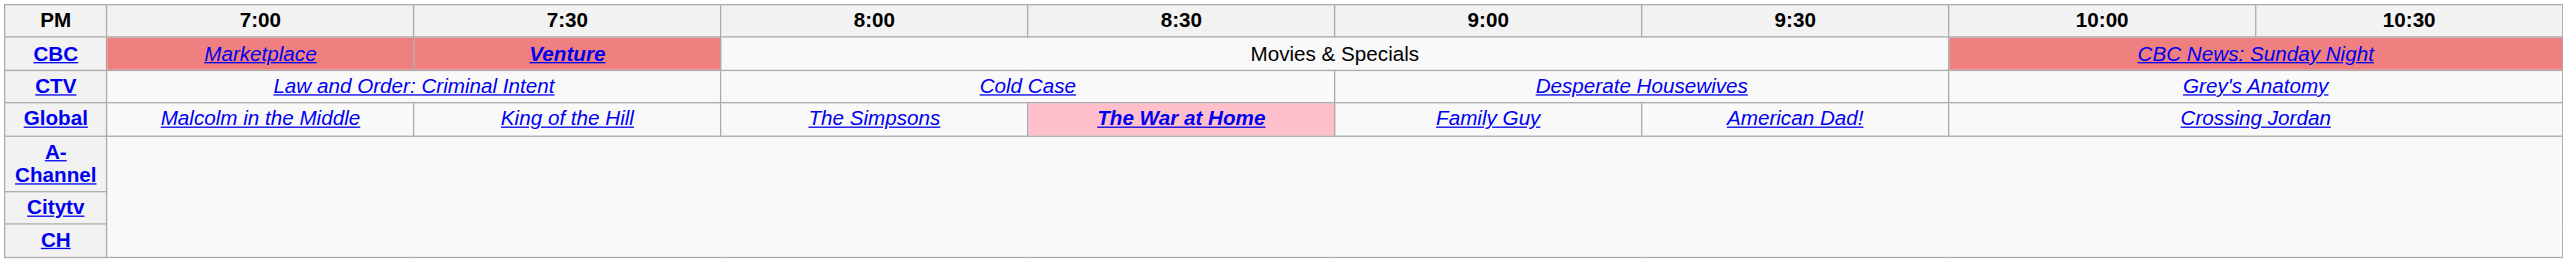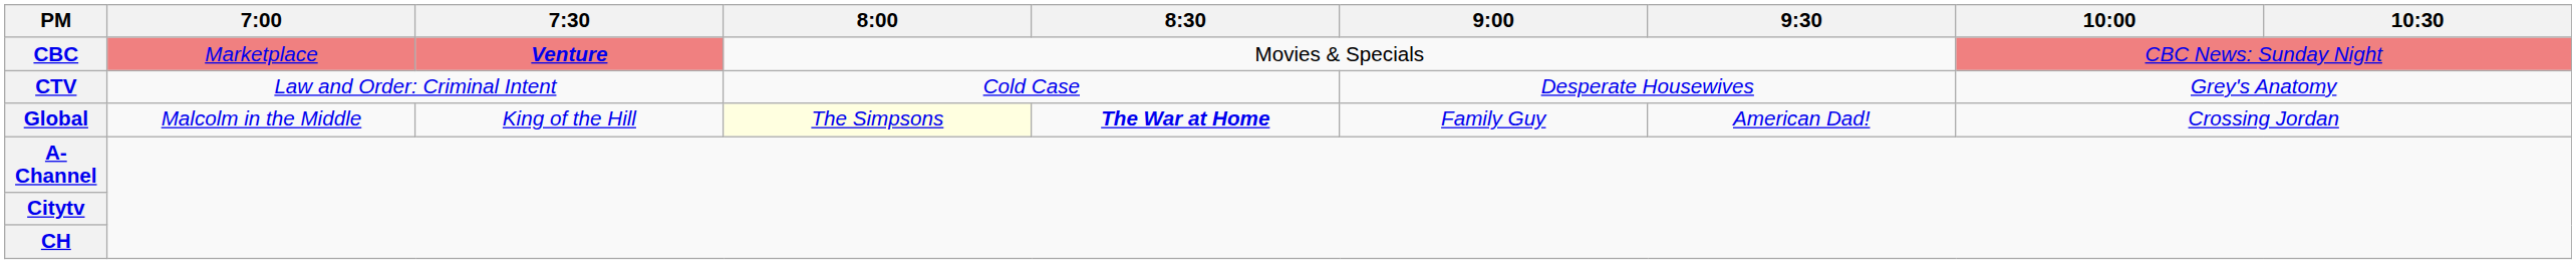 <table class="wikitable" width="100%">
 <tr>
 <th width="4%">PM</th>
 <th width="12%">7:00</th>
 <th width="12%">7:30</th>
 <th width="12%">8:00</th>
 <th width="12%">8:30</th>
 <th width="12%">9:00</th>
 <th width="12%">9:30</th>
 <th width="12%">10:00</th>
 <th width="12%">10:30</th>
 </tr>
 <tr align="center">
 <th><a href='#'>CBC</a></th>
 <td colspan="1" bgcolor="#F08080"><em><a href='#'>Marketplace</a></em></td>
 <td colspan="1" bgcolor="#F08080"><strong><em><a href='#'>Venture</a></em></strong></td>
 <td colspan="4">Movies & Specials</td>
 <td colspan="2" bgcolor="#F08080"><em><a href='#'>CBC News: Sunday Night</a></em></td>
 </tr>
 <tr align="center">
 <th><a href='#'>CTV</a></th>
 <td colspan="2"><em><a href='#'>Law and Order: Criminal Intent</a></em></td>
 <td colspan="2"><em><a href='#'>Cold Case</a></em></td>
 <td colspan="2"><em><a href='#'>Desperate Housewives</a></em></td>
 <td colspan="2"><em><a href='#'>Grey's Anatomy</a></em></td>
 </tr>
 <tr align="center">
 <th><a href='#'>Global</a></th>
 <td colspan="1" align=center><em><a href='#'>Malcolm in the Middle</a></em></td>
 <td colspan="1" align=center><em><a href='#'>King of the Hill</a></em></td>
-<td colspan="1" align=center><em><a href='#'>The Simpsons</a></em></td>
-<td colspan="1" align=center style="background: pink;"><strong><em><a href='#'>The War at Home</a></em></strong></td>
+<td colspan="1" align=center style="background: lightyellow;"><em><a href='#'>The Simpsons</a></em></td>
+<td colspan="1" align=center><strong><em><a href='#'>The War at Home</a></em></strong></td>
 <td colspan="1" align=center><em><a href='#'>Family Guy</a></em></td>
 <td colspan="1" align=center><em><a href='#'>American Dad!</a></em></td>
 <td colspan="2" align=center><em><a href='#'>Crossing Jordan</a></em></td>
 </tr>
 <tr align="center">
 <th><a href='#'>A-Channel</a></th>
 </tr>
 <tr align="center">
 <th><a href='#'>Citytv</a></th>
 </tr>
 <tr align="center">
 <th><a href='#'>CH</a></th>
 </tr>
 </table>
